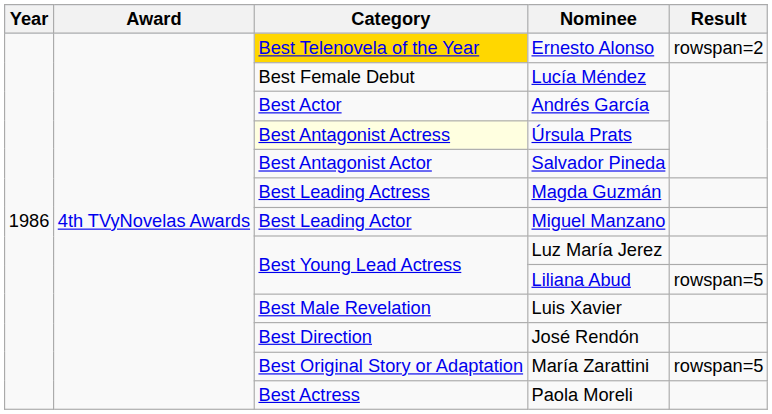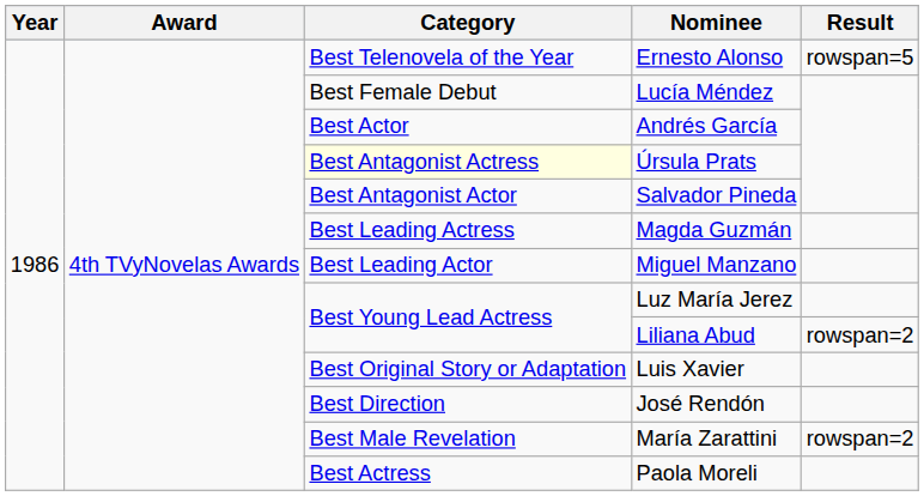 <table class="wikitable">
 <tr style="background:#b0c4de;">
 <th>Year</th>
 <th>Award</th>
 <th>Category</th>
 <th>Nominee</th>
 <th>Result</th>
 </tr>
 <tr>
 <td rowspan=13>1986</td>
 <td rowspan=13><a href='#'>4th TVyNovelas Awards</a></td>
-<td style="background: gold;"><a href='#'>Best Telenovela of the Year</a></td>
+<td><a href='#'>Best Telenovela of the Year</a></td>
 <td><a href='#'>Ernesto Alonso</a></td>
-<td>rowspan=2 </td>
+<td>rowspan=5 </td>
 </tr>
 <tr>
 <td>Best Female Debut</td>
 <td><a href='#'>Lucía Méndez</a></td>
 </tr>
 <tr>
 <td><a href='#'>Best Actor</a></td>
 <td><a href='#'>Andrés García</a></td>
 </tr>
 <tr>
 <td style="background: lightyellow;"><a href='#'>Best Antagonist Actress</a></td>
 <td><a href='#'>Úrsula Prats</a></td>
 </tr>
 <tr>
 <td><a href='#'>Best Antagonist Actor</a></td>
 <td><a href='#'>Salvador Pineda</a></td>
 </tr>
 <tr>
 <td><a href='#'>Best Leading Actress</a></td>
 <td><a href='#'>Magda Guzmán</a></td>
 <td></td>
 </tr>
 <tr>
 <td><a href='#'>Best Leading Actor</a></td>
 <td><a href='#'>Miguel Manzano</a></td>
 <td></td>
 </tr>
 <tr>
 <td rowspan=2><a href='#'>Best Young Lead Actress</a></td>
 <td>Luz María Jerez</td>
 <td></td>
 </tr>
 <tr>
 <td><a href='#'>Liliana Abud</a></td>
-<td>rowspan=5 </td>
+<td>rowspan=2 </td>
 </tr>
 <tr>
-<td><a href='#'>Best Male Revelation</a></td>
+<td><a href='#'>Best Original Story or Adaptation</a></td>
 <td>Luis Xavier</td>
 </tr>
 <tr>
 <td><a href='#'>Best Direction</a></td>
 <td>José Rendón</td>
 <td></td>
 </tr>
 <tr>
-<td><a href='#'>Best Original Story or Adaptation</a></td>
+<td><a href='#'>Best Male Revelation</a></td>
 <td>María Zarattini</td>
-<td>rowspan=5 </td>
+<td>rowspan=2 </td>
 </tr>
 <tr>
 <td><a href='#'>Best Actress</a></td>
 <td>Paola Moreli</td>
 </tr>
 </table>
